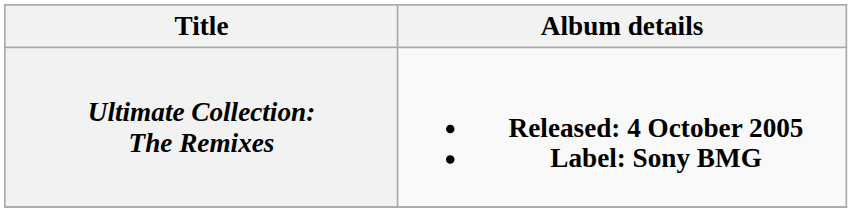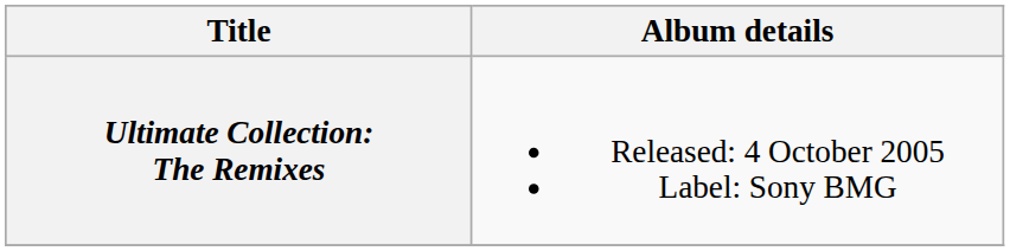 <table class="wikitable plainrowheaders" style="text-align:center;">
 <tr>
 <th scope="col" rowspan="1" style="width:14em;">Title</th>
 <th scope="col" rowspan="1" style="width:16em;">Album details</th>
 </tr>
 <tr>
 <th scope="row"><em>Ultimate Collection:<br>The Remixes</em></th>
-<td><strong><br><ul><li>Released: 4 October 2005</li><li>Label: Sony BMG</li></ul></strong></td>
+<td><br><ul><li>Released: 4 October 2005</li><li>Label: Sony BMG</li></ul></td>
 </tr>
 <tr>
 </tr>
 </table>
